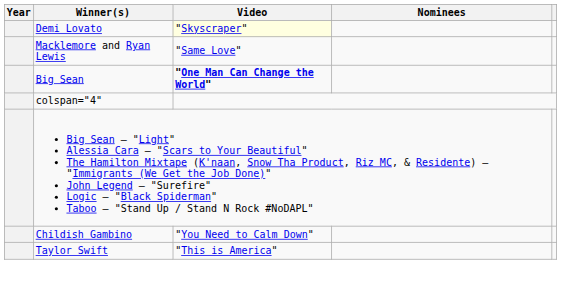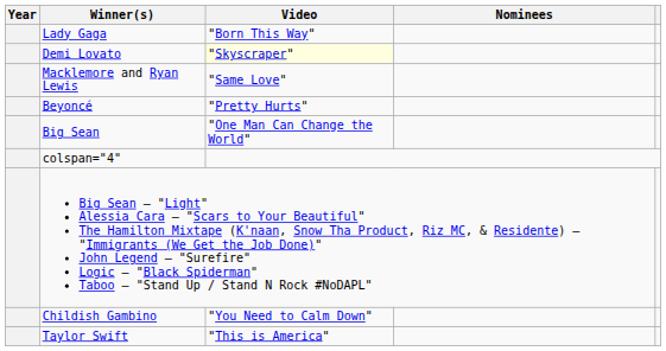 <table class="wikitable sortable">
 <tr>
 <th scope="col">Year</th>
 <th scope="col" style="width:175px;">Winner(s)</th>
 <th scope="col" style="width:200px;">Video</th>
 <th scope="col" style="width:280px;">Nominees</th>
 <th scope="col" class="unsortable"></th>
+</tr>
+<tr>
+<th scope="row"></th>
+<td><a href='#'>Lady Gaga</a></td>
+<td>"<a href='#'>Born This Way</a>"</td>
+<td></td>
+<td align="center"></td>
 </tr>
 <tr>
 <th scope="row"></th>
 <td><a href='#'>Demi Lovato</a></td>
 <td style="background: lightyellow;">"<a href='#'>Skyscraper</a>"</td>
 <td></td>
 <td align="center"></td>
 </tr>
 <tr>
 <th scope="row"></th>
 <td><a href='#'>Macklemore</a> and <a href='#'>Ryan Lewis</a> </td>
 <td>"<a href='#'>Same Love</a>"</td>
 <td></td>
 <td align="center"></td>
 </tr>
 <tr>
 <th scope="row"></th>
+<td><a href='#'>Beyoncé</a></td>
+<td>"<a href='#'>Pretty Hurts</a>"</td>
+<td></td>
+<td align="center"></td>
+</tr>
+<tr>
+<th scope="row"></th>
 <td><a href='#'>Big Sean</a> </td>
-<td><strong>"<a href='#'>One Man Can Change the World</a>"</strong></td>
+<td>"<a href='#'>One Man Can Change the World</a>"</td>
 <td></td>
 <td align="center"></td>
 </tr>
 <tr>
 <th scope="row"></th>
 <td>colspan="4" </td>
 </tr>
 <tr>
 <th scope="row"></th>
 <td colspan="3"><br><ul><li><a href='#'>Big Sean</a> — "<a href='#'>Light</a>"</li><li><a href='#'>Alessia Cara</a> — "<a href='#'>Scars to Your Beautiful</a>"</li><li><a href='#'>The Hamilton Mixtape</a> (<a href='#'>K'naan</a>, <a href='#'>Snow Tha Product</a>, <a href='#'>Riz MC</a>, & <a href='#'>Residente</a>) – "<a href='#'>Immigrants (We Get the Job Done)</a>"</li><li><a href='#'>John Legend</a> — "Surefire"</li><li><a href='#'>Logic</a>  – "<a href='#'>Black Spiderman</a>"</li><li><a href='#'>Taboo</a>  – "Stand Up / Stand N Rock #NoDAPL"</li></ul></td>
 <td align="center"></td>
 </tr>
 <tr>
 <th scope="row"></th>
 <td><a href='#'>Childish Gambino</a></td>
 <td>"<a href='#'>You Need to Calm Down</a>"</td>
 <td></td>
 <td align="center"></td>
 </tr>
 <tr>
 <th scope="row"></th>
 <td><a href='#'>Taylor Swift</a></td>
 <td>"<a href='#'>This is America</a>"</td>
 <td></td>
 <td align="center"></td>
 </tr>
 </table>
